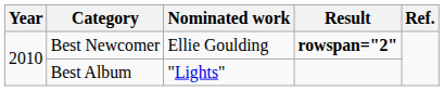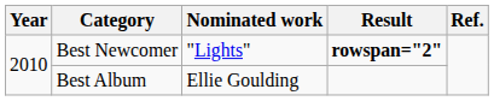 <table class="wikitable">
 <tr>
 <th>Year</th>
 <th>Category</th>
 <th>Nominated work</th>
 <th>Result</th>
 <th>Ref.</th>
 </tr>
 <tr>
 <td rowspan="2">2010</td>
 <td>Best Newcomer</td>
-<td>Ellie Goulding</td>
+<td>"<a href='#'>Lights</a>"</td>
 <td><strong>rowspan="2" </strong></td>
 <td rowspan="2"></td>
 </tr>
 <tr>
 <td>Best Album</td>
-<td>"<a href='#'>Lights</a>"</td>
+<td>Ellie Goulding</td>
 </tr>
 </table>
